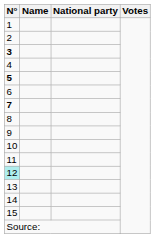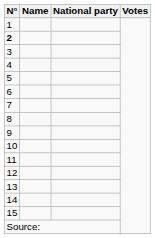 <table class="wikitable sortable" style="font-size:95%;line-height:14px;">
 <tr>
 <th>N°</th>
 <th>Name</th>
 <th colspan="2">National party</th>
 <th>Votes</th>
 </tr>
 <tr>
 <td>1</td>
 <td></td>
 <td></td>
 </tr>
 <tr>
-<td>2</td>
+<td><strong>2</strong></td>
 <td><em></em></td>
 <td></td>
 </tr>
 <tr>
-<td><strong>3</strong></td>
+<td>3</td>
 <td><em></em></td>
 <td></td>
 </tr>
 <tr>
 <td>4</td>
 <td><em></em></td>
 <td></td>
 </tr>
 <tr>
-<td><strong>5</strong></td>
+<td>5</td>
 <td></td>
 <td></td>
 </tr>
 <tr>
 <td>6</td>
 <td></td>
 <td></td>
 </tr>
 <tr>
-<td><strong>7</strong></td>
+<td>7</td>
 <td></td>
 <td></td>
 </tr>
 <tr>
 <td>8</td>
 <td></td>
 <td></td>
 </tr>
 <tr>
 <td>9</td>
 <td></td>
 <td></td>
 </tr>
 <tr>
 <td>10</td>
 <td></td>
 <td></td>
 </tr>
 <tr>
 <td>11</td>
 <td></td>
 <td></td>
 </tr>
 <tr>
-<td style="background: paleturquoise;">12</td>
+<td>12</td>
 <td></td>
 <td></td>
 </tr>
 <tr>
 <td>13</td>
 <td></td>
 <td></td>
 </tr>
 <tr>
 <td>14</td>
 <td></td>
 <td></td>
 </tr>
 <tr>
 <td>15</td>
 <td></td>
 <td></td>
 </tr>
 <tr>
 <td colspan="3">Source: </td>
 </tr>
 </table>
